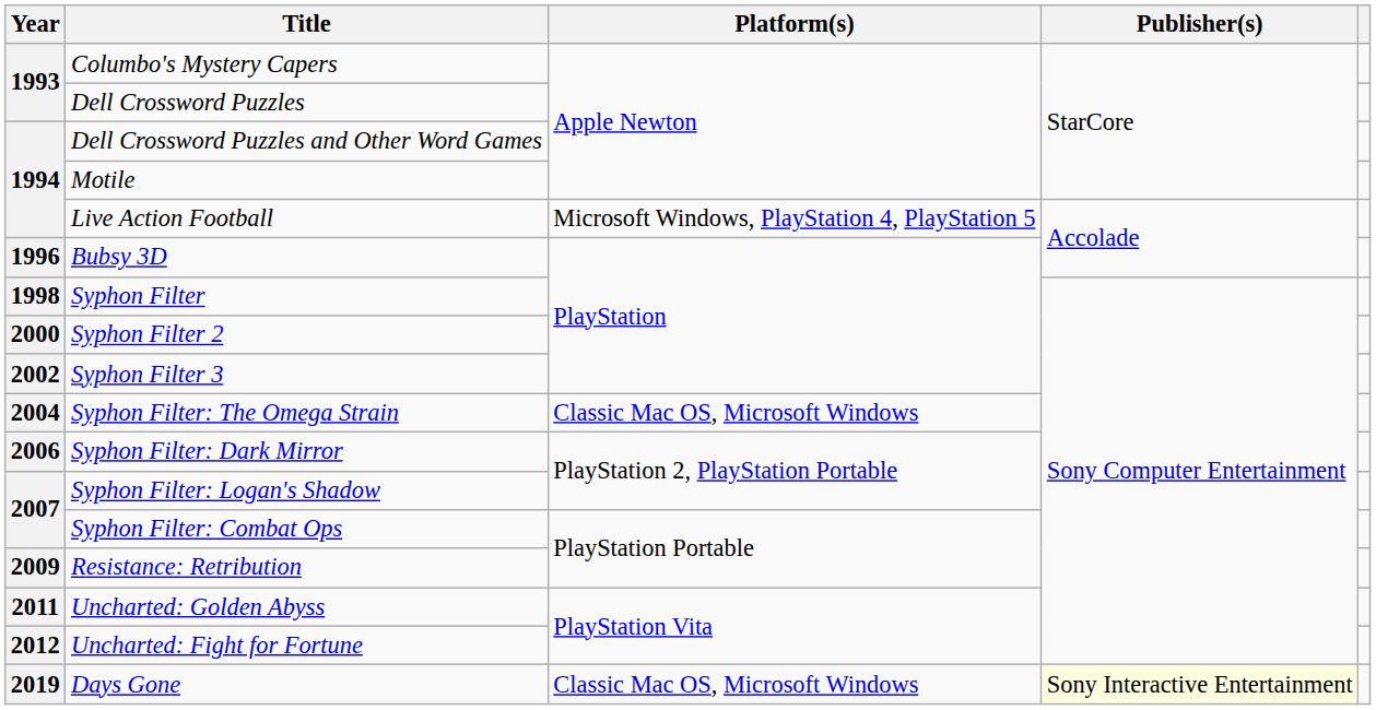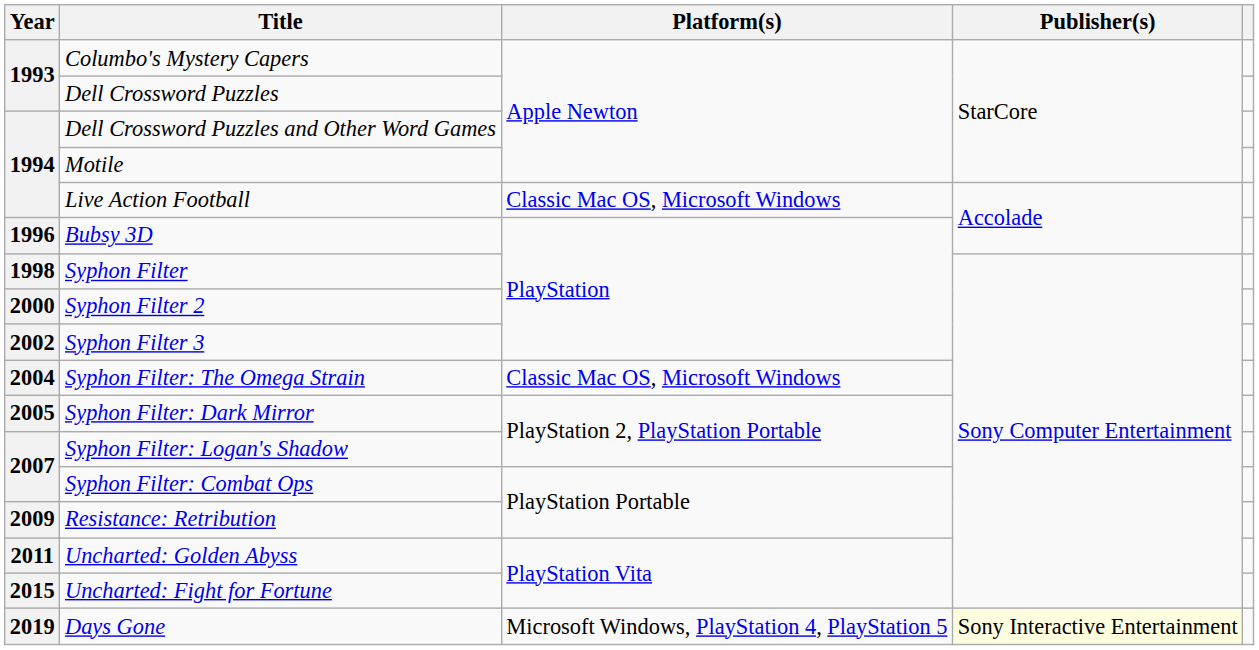 <table class="wikitable sortable plainrowheaders">
 <tr>
 <th scope="col">Year</th>
 <th scope="col">Title</th>
 <th scope="col">Platform(s)</th>
 <th scope="col">Publisher(s)</th>
 <th scope="col" class="unsortable"></th>
 </tr>
 <tr>
 <th scope="row" rowspan="2">1993</th>
 <td><em>Columbo's Mystery Capers</em></td>
 <td rowspan="4"><a href='#'>Apple Newton</a></td>
 <td rowspan="4">StarCore</td>
 <td></td>
 </tr>
 <tr>
 <td><em>Dell Crossword Puzzles</em></td>
 <td></td>
 </tr>
 <tr>
 <th scope="row" rowspan="3">1994</th>
 <td><em>Dell Crossword Puzzles and Other Word Games</em></td>
 <td></td>
 </tr>
 <tr>
 <td><em>Motile</em></td>
 <td></td>
 </tr>
 <tr>
 <td><em>Live Action Football</em></td>
-<td>Microsoft Windows, <a href='#'>PlayStation 4</a>, <a href='#'>PlayStation 5</a></td>
+<td><a href='#'>Classic Mac OS</a>, <a href='#'>Microsoft Windows</a></td>
 <td rowspan="2"><a href='#'>Accolade</a></td>
 <td></td>
 </tr>
 <tr>
 <th scope="row">1996</th>
 <td><em><a href='#'>Bubsy 3D</a></em></td>
 <td rowspan="4"><a href='#'>PlayStation</a></td>
 <td></td>
 </tr>
 <tr>
 <th scope="row">1998</th>
 <td><em><a href='#'>Syphon Filter</a></em></td>
 <td rowspan="10"><a href='#'>Sony Computer Entertainment</a></td>
 <td></td>
 </tr>
 <tr>
 <th scope="row">2000</th>
 <td><em><a href='#'>Syphon Filter 2</a></em></td>
 <td></td>
 </tr>
 <tr>
 <th scope="row">2002</th>
 <td><em><a href='#'>Syphon Filter 3</a></em></td>
 <td></td>
 </tr>
 <tr>
 <th scope="row">2004</th>
 <td><em><a href='#'>Syphon Filter: The Omega Strain</a></em></td>
 <td><a href='#'>Classic Mac OS</a>, <a href='#'>Microsoft Windows</a></td>
 <td></td>
 </tr>
 <tr>
-<th scope="row">2006</th>
+<th scope="row">2005</th>
 <td><em><a href='#'>Syphon Filter: Dark Mirror</a></em></td>
 <td rowspan="2">PlayStation 2, <a href='#'>PlayStation Portable</a></td>
 <td></td>
 </tr>
 <tr>
 <th scope="row" rowspan="2">2007</th>
 <td><em><a href='#'>Syphon Filter: Logan's Shadow</a></em></td>
 <td></td>
 </tr>
 <tr>
 <td><em><a href='#'>Syphon Filter: Combat Ops</a></em></td>
 <td rowspan="2">PlayStation Portable</td>
 <td></td>
 </tr>
 <tr>
 <th scope="row">2009</th>
 <td><em><a href='#'>Resistance: Retribution</a></em></td>
 <td></td>
 </tr>
 <tr>
 <th scope="row">2011</th>
 <td><em><a href='#'>Uncharted: Golden Abyss</a></em></td>
 <td rowspan="2"><a href='#'>PlayStation Vita</a></td>
 <td></td>
 </tr>
 <tr>
-<th scope="row">2012</th>
+<th scope="row">2015</th>
 <td><em><a href='#'>Uncharted: Fight for Fortune</a></em></td>
 <td></td>
 </tr>
 <tr>
 <th scope="row">2019</th>
 <td><em><a href='#'>Days Gone</a></em></td>
-<td><a href='#'>Classic Mac OS</a>, <a href='#'>Microsoft Windows</a></td>
+<td>Microsoft Windows, <a href='#'>PlayStation 4</a>, <a href='#'>PlayStation 5</a></td>
 <td style="background: lightyellow;">Sony Interactive Entertainment</td>
 <td></td>
 </tr>
 </table>
